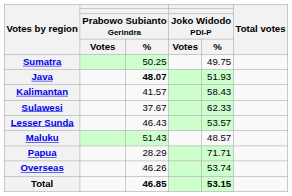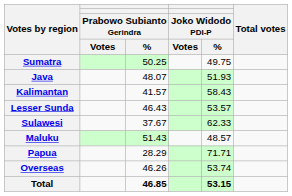 <table class="wikitable sortable">
 <tr>
 <th rowspan="4">Votes by region</th>
 <th colspan="2"></th>
 <th colspan="2"></th>
 <th rowspan="4">Total votes</th>
 </tr>
 <tr>
 <th colspan="2" style="background:"></th>
 <th colspan="2" style="background:"></th>
 </tr>
 <tr>
 <th colspan="2">Prabowo Subianto<br><small>Gerindra</small></th>
 <th colspan="2">Joko Widodo<br><small>PDI-P</small></th>
 </tr>
 <tr>
 <th>Votes</th>
 <th>%</th>
 <th>Votes</th>
 <th>%</th>
 </tr>
 <tr align="right">
 <th><a href='#'>Sumatra</a></th>
 <td style="background:#cfc;"></td>
 <td style="background:#cfc;">50.25</td>
 <td></td>
 <td>49.75</td>
 <td></td>
 </tr>
 <tr align="right">
 <th><a href='#'>Java</a></th>
 <td></td>
-<td><strong>48.07</strong></td>
+<td>48.07</td>
 <td style="background:#cfc;"></td>
 <td style="background:#cfc;">51.93</td>
 <td></td>
 </tr>
 <tr align="right">
 <th><a href='#'>Kalimantan</a></th>
 <td></td>
 <td>41.57</td>
 <td style="background:#cfc;"></td>
 <td style="background:#cfc;">58.43</td>
 <td></td>
 </tr>
 <tr align="right">
+<th><a href='#'>Lesser Sunda</a></th>
+<td></td>
+<td>46.43</td>
+<td style="background:#cfc;"></td>
+<td style="background:#cfc;">53.57</td>
+<td></td>
+</tr>
+<tr align="right">
 <th><a href='#'>Sulawesi</a></th>
 <td></td>
 <td>37.67</td>
 <td style="background:#cfc;"></td>
 <td style="background:#cfc;">62.33</td>
-<td></td>
-</tr>
-<tr align="right">
-<th><a href='#'>Lesser Sunda</a></th>
-<td></td>
-<td>46.43</td>
-<td style="background:#cfc;"></td>
-<td style="background:#cfc;">53.57</td>
 <td></td>
 </tr>
 <tr align="right">
 <th><a href='#'>Maluku</a></th>
 <td style="background:#cfc;"></td>
 <td style="background:#cfc;">51.43</td>
 <td></td>
 <td>48.57</td>
 <td></td>
 </tr>
 <tr align="right">
 <th><a href='#'>Papua</a></th>
 <td></td>
 <td>28.29</td>
 <td style="background:#cfc;"></td>
 <td style="background:#cfc;">71.71</td>
 <td></td>
 </tr>
 <tr align="right">
 <th><a href='#'>Overseas</a></th>
 <td></td>
 <td>46.26</td>
 <td style="background:#cfc;"></td>
 <td style="background:#cfc;">53.74</td>
 <td></td>
 </tr>
 <tr align="right">
 <th>Total</th>
 <td><strong></strong></td>
 <td><strong>46.85</strong></td>
 <td style="background:#cfc;"><strong></strong></td>
 <td style="background:#cfc;"><strong>53.15</strong></td>
 <td><strong></strong></td>
 </tr>
 </table>
